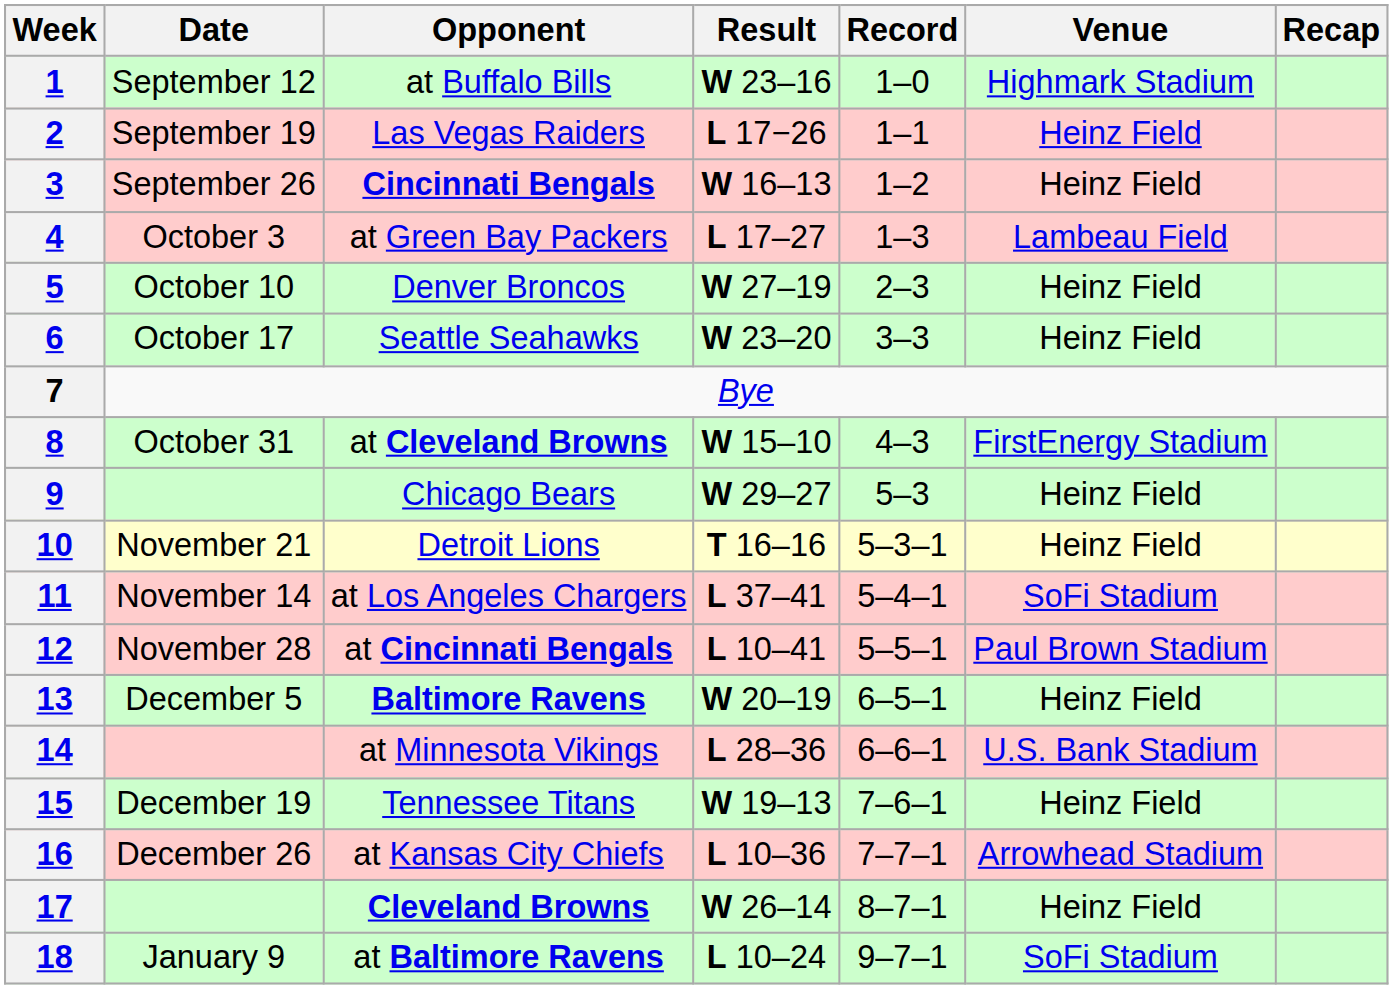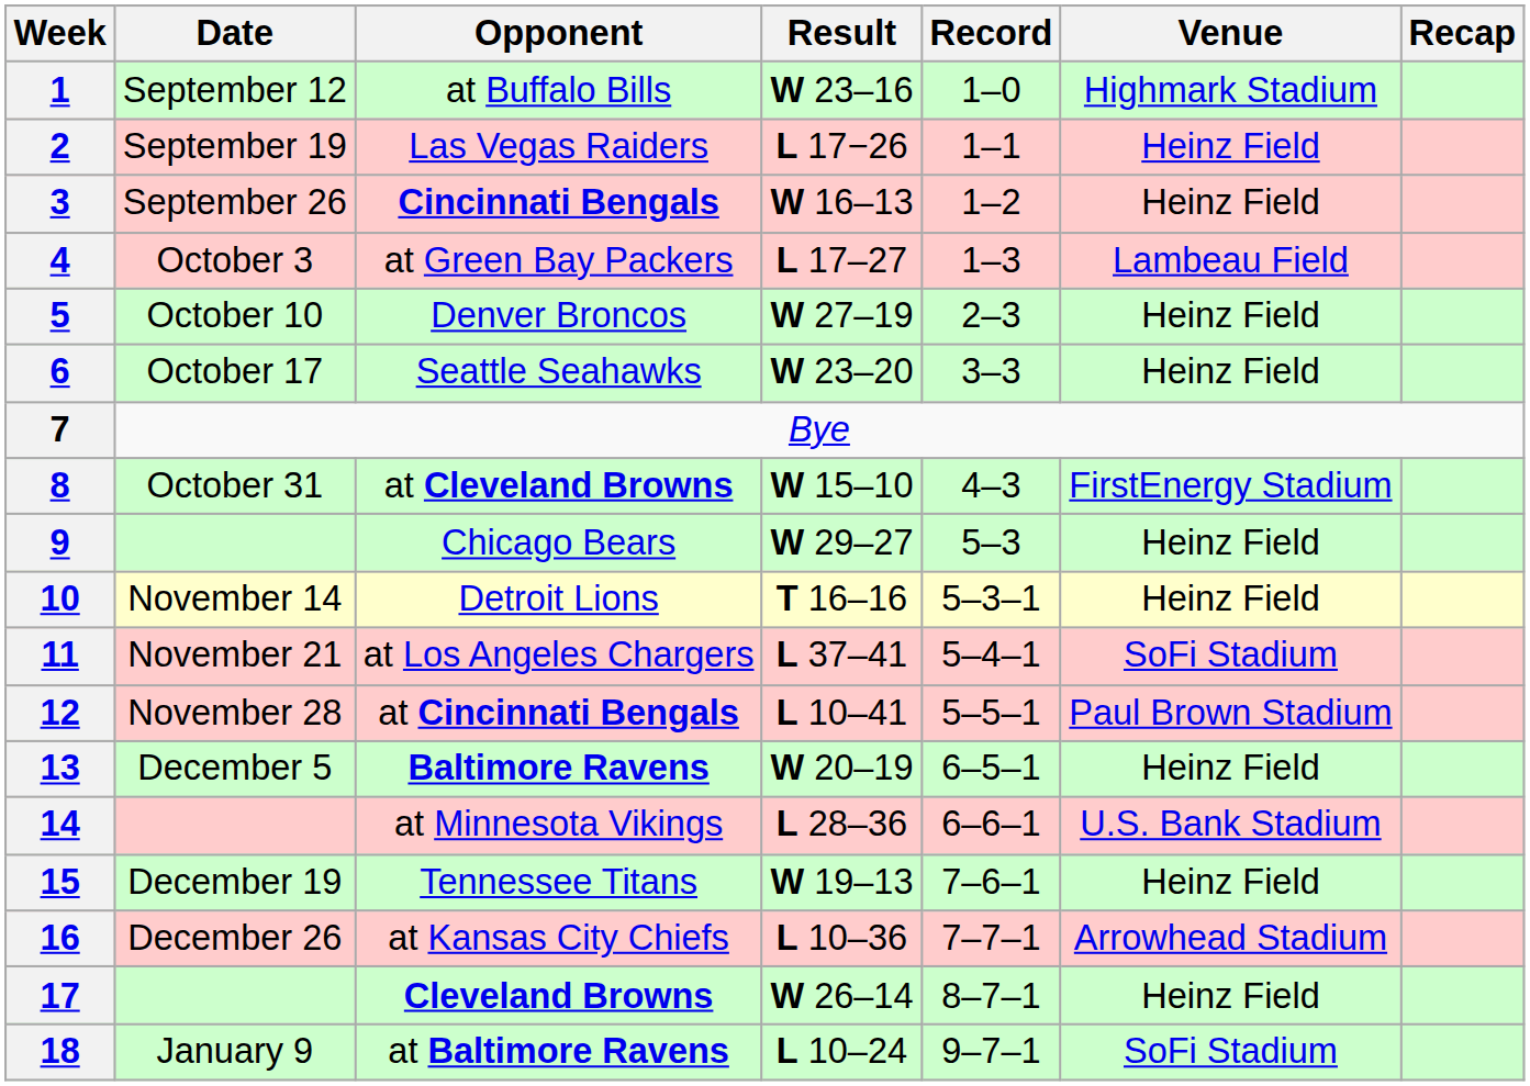 <table class="wikitable" style="text-align:center">
 <tr>
 <th>Week</th>
 <th>Date</th>
 <th>Opponent</th>
 <th>Result</th>
 <th>Record</th>
 <th>Venue</th>
 <th>Recap</th>
 </tr>
 <tr style="background:#cfc">
 <th><a href='#'>1</a></th>
 <td>September 12</td>
 <td>at <a href='#'>Buffalo Bills</a></td>
 <td><strong>W</strong> 23–16</td>
 <td>1–0</td>
 <td><a href='#'>Highmark Stadium</a></td>
 <td></td>
 </tr>
 <tr style="background:#fcc">
 <th><a href='#'>2</a></th>
 <td>September 19</td>
 <td><a href='#'>Las Vegas Raiders</a></td>
 <td><strong>L</strong> 17−26</td>
 <td>1–1</td>
 <td><a href='#'>Heinz Field</a></td>
 <td></td>
 </tr>
 <tr style="background:#fcc">
 <th><a href='#'>3</a></th>
 <td>September 26</td>
 <td><strong><a href='#'>Cincinnati Bengals</a></strong></td>
 <td><strong>W</strong> 16–13 </td>
 <td>1–2</td>
 <td>Heinz Field</td>
 <td></td>
 </tr>
 <tr style="background:#fcc">
 <th><a href='#'>4</a></th>
 <td>October 3</td>
 <td>at <a href='#'>Green Bay Packers</a></td>
 <td><strong>L</strong> 17–27</td>
 <td>1–3</td>
 <td><a href='#'>Lambeau Field</a></td>
 <td></td>
 </tr>
 <tr style="background:#cfc">
 <th><a href='#'>5</a></th>
 <td>October 10</td>
 <td><a href='#'>Denver Broncos</a></td>
 <td><strong>W</strong> 27–19</td>
 <td>2–3</td>
 <td>Heinz Field</td>
 <td></td>
 </tr>
 <tr style="background:#cfc">
 <th><a href='#'>6</a></th>
 <td>October 17</td>
 <td><a href='#'>Seattle Seahawks</a></td>
 <td><strong>W</strong> 23–20 </td>
 <td>3–3</td>
 <td>Heinz Field</td>
 <td></td>
 </tr>
 <tr>
 <th>7</th>
 <td colspan="6"><em><a href='#'>Bye</a></em></td>
 </tr>
 <tr style="background:#cfc">
 <th><a href='#'>8</a></th>
 <td>October 31</td>
 <td>at <strong><a href='#'>Cleveland Browns</a></strong></td>
 <td><strong>W</strong> 15–10</td>
 <td>4–3</td>
 <td><a href='#'>FirstEnergy Stadium</a></td>
 <td></td>
 </tr>
 <tr style="background:#cfc">
 <th><a href='#'>9</a></th>
 <td></td>
 <td><a href='#'>Chicago Bears</a></td>
 <td><strong>W</strong> 29–27</td>
 <td>5–3</td>
 <td>Heinz Field</td>
 <td></td>
 </tr>
 <tr style="background:#ffc">
 <th><a href='#'>10</a></th>
-<td>November 21</td>
+<td>November 14</td>
 <td><a href='#'>Detroit Lions</a></td>
 <td><strong>T</strong> 16–16 </td>
 <td>5–3–1</td>
 <td>Heinz Field</td>
 <td></td>
 </tr>
 <tr style="background:#fcc">
 <th><a href='#'>11</a></th>
-<td>November 14</td>
+<td>November 21</td>
 <td>at <a href='#'>Los Angeles Chargers</a></td>
 <td><strong>L</strong> 37–41</td>
 <td>5–4–1</td>
 <td><a href='#'>SoFi Stadium</a></td>
 <td></td>
 </tr>
 <tr style="background:#fcc">
 <th><a href='#'>12</a></th>
 <td>November 28</td>
 <td>at <strong><a href='#'>Cincinnati Bengals</a></strong></td>
 <td><strong>L</strong> 10–41</td>
 <td>5–5–1</td>
 <td><a href='#'>Paul Brown Stadium</a></td>
 <td></td>
 </tr>
 <tr style="background:#cfc">
 <th><a href='#'>13</a></th>
 <td>December 5</td>
 <td><strong><a href='#'>Baltimore Ravens</a></strong></td>
 <td><strong>W</strong> 20–19</td>
 <td>6–5–1</td>
 <td>Heinz Field</td>
 <td></td>
 </tr>
 <tr style="background:#fcc">
 <th><a href='#'>14</a></th>
 <td></td>
 <td>at <a href='#'>Minnesota Vikings</a></td>
 <td><strong>L</strong> 28–36</td>
 <td>6–6–1</td>
 <td><a href='#'>U.S. Bank Stadium</a></td>
 <td></td>
 </tr>
 <tr style="background:#cfc">
 <th><a href='#'>15</a></th>
 <td>December 19</td>
 <td><a href='#'>Tennessee Titans</a></td>
 <td><strong>W</strong> 19–13</td>
 <td>7–6–1</td>
 <td>Heinz Field</td>
 <td></td>
 </tr>
 <tr style="background:#fcc">
 <th><a href='#'>16</a></th>
 <td>December 26</td>
 <td>at <a href='#'>Kansas City Chiefs</a></td>
 <td><strong>L</strong> 10–36</td>
 <td>7–7–1</td>
 <td><a href='#'>Arrowhead Stadium</a></td>
 <td></td>
 </tr>
 <tr style="background:#cfc">
 <th><a href='#'>17</a></th>
 <td></td>
 <td><strong><a href='#'>Cleveland Browns</a></strong></td>
 <td><strong>W</strong> 26–14</td>
 <td>8–7–1</td>
 <td>Heinz Field</td>
 <td></td>
 </tr>
 <tr style="background:#cfc">
 <th><a href='#'>18</a></th>
 <td>January 9</td>
 <td>at <strong><a href='#'>Baltimore Ravens</a></strong></td>
 <td><strong>L</strong> 10–24</td>
 <td>9–7–1</td>
 <td><a href='#'>SoFi Stadium</a></td>
 <td></td>
 </tr>
 </table>
